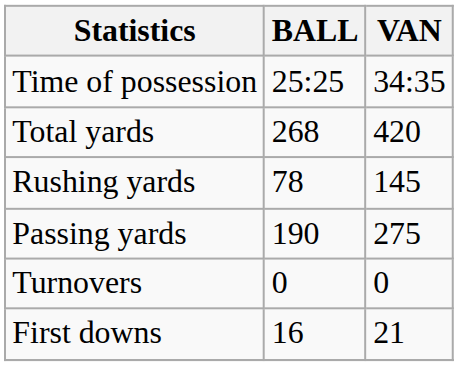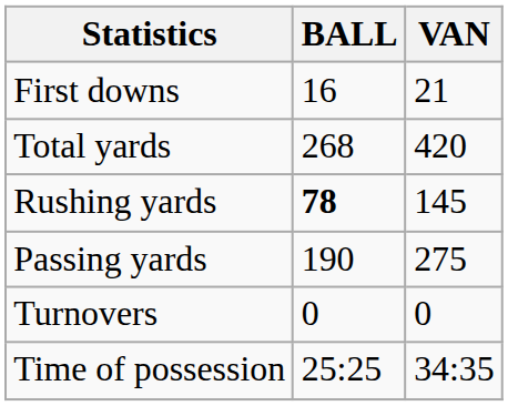 <table class="wikitable" style="float: left;">
 <tr>
 <th>Statistics</th>
 <th>BALL</th>
 <th>VAN</th>
 </tr>
 <tr>
-<td>Time of possession</td>
-<td>25:25</td>
-<td>34:35</td>
+<td>First downs</td>
+<td>16</td>
+<td>21</td>
 </tr>
 <tr>
 <td>Total yards</td>
 <td>268</td>
 <td>420</td>
 </tr>
 <tr>
 <td>Rushing yards</td>
-<td>78</td>
+<td><strong>78</strong></td>
 <td>145</td>
 </tr>
 <tr>
 <td>Passing yards</td>
 <td>190</td>
 <td>275</td>
 </tr>
 <tr>
 <td>Turnovers</td>
 <td>0</td>
 <td>0</td>
 </tr>
 <tr>
-<td>First downs</td>
-<td>16</td>
-<td>21</td>
+<td>Time of possession</td>
+<td>25:25</td>
+<td>34:35</td>
 </tr>
 <tr>
 </tr>
 </table>
